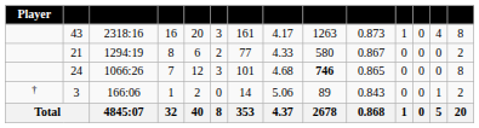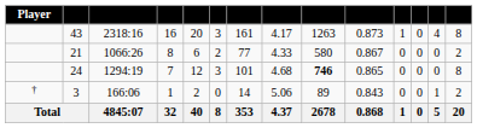 <table class="wikitable sortable" style="width:100%; text-align:center;">
 <tr>
 <th style="color:white; background:#000000; ">Player</th>
 <th style="color:white; background:#000000; "></th>
 <th style="color:white; background:#000000; "></th>
 <th style="color:white; background:#000000; "></th>
 <th style="color:white; background:#000000; "></th>
 <th style="color:white; background:#000000; "></th>
 <th style="color:white; background:#000000; "></th>
 <th style="color:white; background:#000000; "></th>
 <th style="color:white; background:#000000; "></th>
 <th style="color:white; background:#000000; "></th>
 <th style="color:white; background:#000000; "></th>
 <th style="color:white; background:#000000; "></th>
 <th style="color:white; background:#000000; "></th>
 <th style="color:white; background:#000000; "></th>
 </tr>
 <tr>
 <td></td>
 <td>43</td>
 <td>2318:16</td>
 <td>16</td>
 <td>20</td>
 <td>3</td>
 <td>161</td>
 <td>4.17</td>
 <td>1263</td>
 <td>0.873</td>
 <td>1</td>
 <td>0</td>
 <td>4</td>
 <td>8</td>
 </tr>
 <tr>
 <td></td>
 <td>21</td>
-<td>1294:19</td>
+<td>1066:26</td>
 <td>8</td>
 <td>6</td>
 <td>2</td>
 <td>77</td>
 <td>4.33</td>
 <td>580</td>
 <td>0.867</td>
 <td>0</td>
 <td>0</td>
 <td>0</td>
 <td>2</td>
 </tr>
 <tr>
 <td></td>
 <td>24</td>
-<td>1066:26</td>
+<td>1294:19</td>
 <td>7</td>
 <td>12</td>
 <td>3</td>
 <td>101</td>
 <td>4.68</td>
 <td><strong>746</strong></td>
 <td>0.865</td>
 <td>0</td>
 <td>0</td>
 <td>0</td>
 <td>8</td>
 </tr>
 <tr>
 <td><sup>†</sup></td>
 <td>3</td>
 <td>166:06</td>
 <td>1</td>
 <td>2</td>
 <td>0</td>
 <td>14</td>
 <td>5.06</td>
 <td>89</td>
 <td>0.843</td>
 <td>0</td>
 <td>0</td>
 <td>1</td>
 <td>2</td>
 </tr>
 <tr class="sortbottom">
 <th colspan=2>Total</th>
 <th>4845:07</th>
 <th>32</th>
 <th>40</th>
 <th>8</th>
 <th>353</th>
 <th>4.37</th>
 <th>2678</th>
 <th>0.868</th>
 <th>1</th>
 <th>0</th>
 <th>5</th>
 <th>20</th>
 </tr>
 </table>
